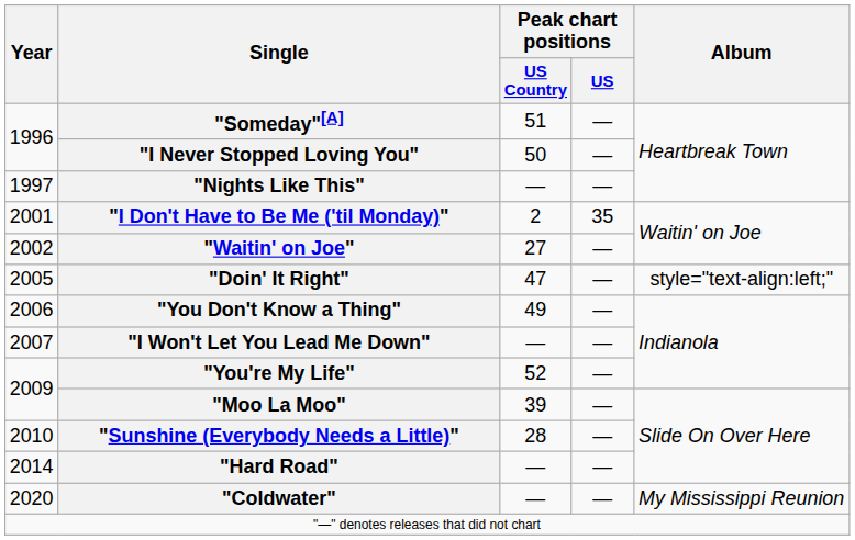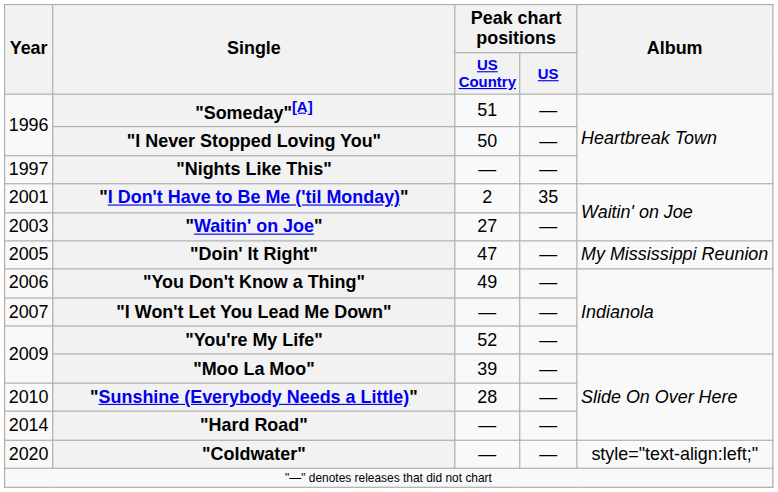 <table class="wikitable plainrowheaders" style="text-align:center;">
 <tr>
 <th rowspan="2">Year</th>
 <th rowspan="2" style="width:22em;">Single</th>
 <th colspan="2">Peak chart<br>positions</th>
 <th rowspan="2">Album</th>
 </tr>
 <tr style="font-size:smaller;">
 <th style="width:45px;"><a href='#'>US Country</a></th>
 <th style="width:45px;"><a href='#'>US</a></th>
 </tr>
 <tr>
 <td rowspan="2">1996</td>
 <th scope="row">"Someday"<sup><span></span><a href='#'><strong>[A]</strong></a></sup></th>
 <td>51</td>
 <td>—</td>
 <td style="text-align:left;" rowspan="3"><em>Heartbreak Town</em></td>
 </tr>
 <tr>
 <th scope="row">"I Never Stopped Loving You"</th>
 <td>50</td>
 <td>—</td>
 </tr>
 <tr>
 <td>1997</td>
 <th scope="row">"Nights Like This"</th>
 <td>—</td>
 <td>—</td>
 </tr>
 <tr>
 <td>2001</td>
 <th scope="row">"<a href='#'>I Don't Have to Be Me ('til Monday)</a>"</th>
 <td>2</td>
 <td>35</td>
 <td style="text-align:left;" rowspan="2"><em>Waitin' on Joe</em></td>
 </tr>
 <tr>
-<td>2002</td>
+<td>2003</td>
 <th scope="row">"<a href='#'>Waitin' on Joe</a>"</th>
 <td>27</td>
 <td>—</td>
 </tr>
 <tr>
 <td>2005</td>
 <th scope="row">"Doin' It Right"</th>
 <td>47</td>
 <td>—</td>
-<td>style="text-align:left;" </td>
+<td style="text-align:left;"><em>My Mississippi Reunion</em></td>
 </tr>
 <tr>
 <td>2006</td>
 <th scope="row">"You Don't Know a Thing"</th>
 <td>49</td>
 <td>—</td>
 <td style="text-align:left;" rowspan="3"><em>Indianola</em></td>
 </tr>
 <tr>
 <td>2007</td>
 <th scope="row">"I Won't Let You Lead Me Down"</th>
 <td>—</td>
 <td>—</td>
 </tr>
 <tr>
 <td rowspan="2">2009</td>
 <th scope="row">"You're My Life"</th>
 <td>52</td>
 <td>—</td>
 </tr>
 <tr>
 <th scope="row">"Moo La Moo"</th>
 <td>39</td>
 <td>—</td>
 <td style="text-align:left;" rowspan="3"><em>Slide On Over Here</em></td>
 </tr>
 <tr>
 <td>2010</td>
 <th scope="row">"<a href='#'>Sunshine (Everybody Needs a Little)</a>"</th>
 <td>28</td>
 <td>—</td>
 </tr>
 <tr>
 <td>2014</td>
 <th scope="row">"Hard Road"</th>
 <td>—</td>
 <td>—</td>
 </tr>
 <tr>
 <td>2020</td>
 <th scope="row">"Coldwater"</th>
 <td>—</td>
 <td>—</td>
-<td style="text-align:left;"><em>My Mississippi Reunion</em></td>
+<td>style="text-align:left;" </td>
 </tr>
 <tr>
 <td colspan="5" style="font-size:8pt">"—" denotes releases that did not chart</td>
 </tr>
 </table>
